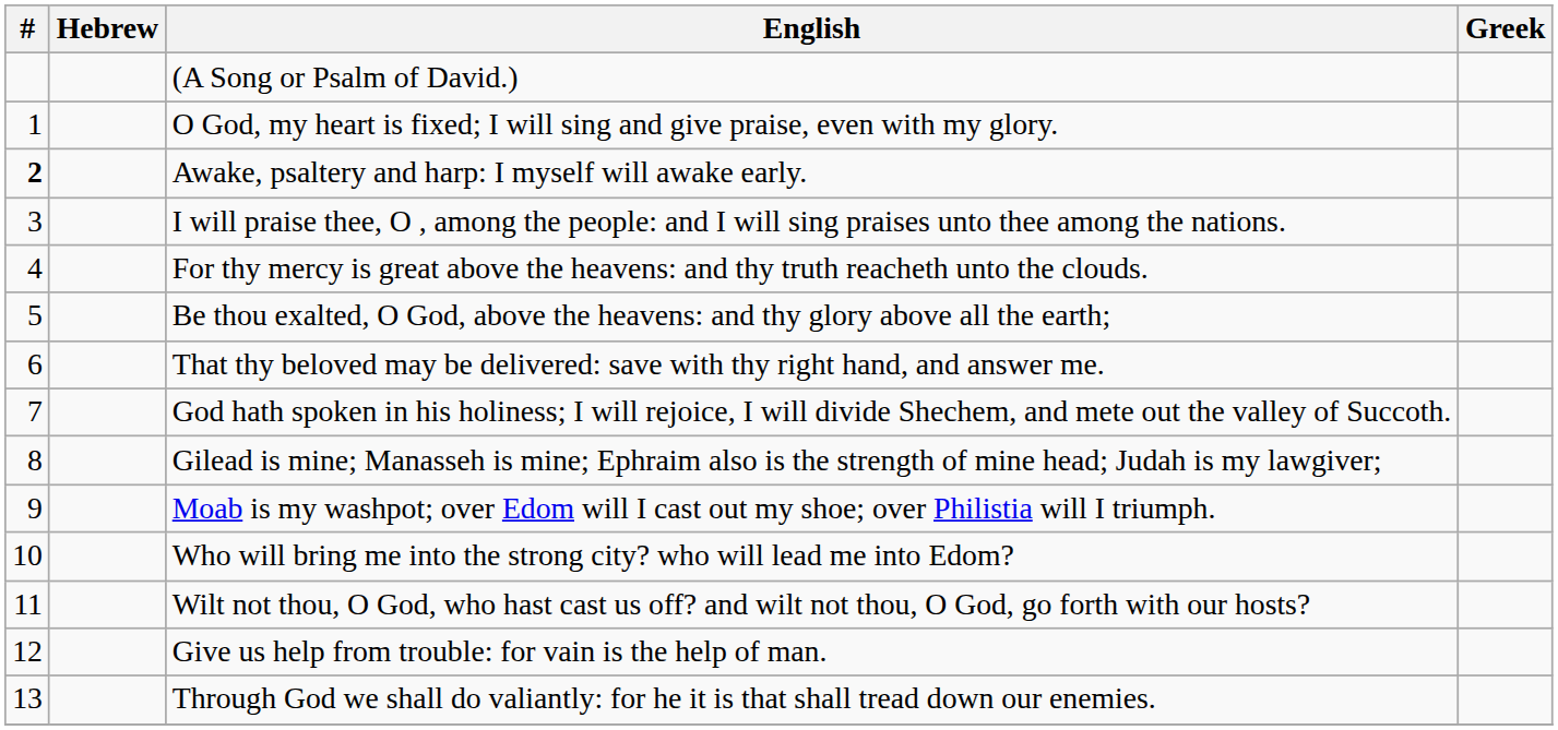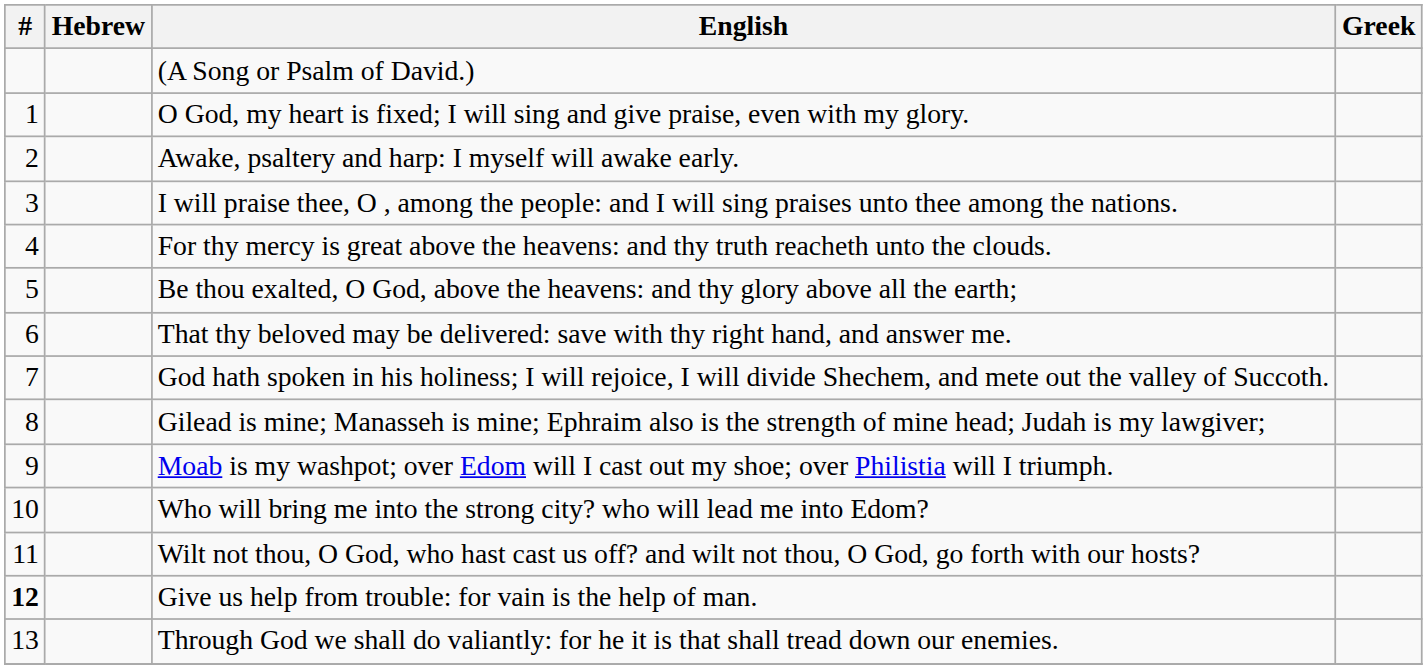 <table class=wikitable>
 <tr>
 <th>#</th>
 <th>Hebrew</th>
 <th>English</th>
 <th>Greek</th>
 </tr>
 <tr>
 <td style="text-align:right"></td>
 <td style="text-align:right"></td>
 <td>(A Song or Psalm of David.)</td>
 <td></td>
 </tr>
 <tr>
 <td style="text-align:right">1</td>
 <td style="text-align:right"></td>
 <td>O God, my heart is fixed; I will sing and give praise, even with my glory.</td>
 <td></td>
 </tr>
 <tr>
-<td style="text-align:right"><strong>2</strong></td>
+<td style="text-align:right">2</td>
 <td style="text-align:right"></td>
 <td>Awake, psaltery and harp: I myself will awake early.</td>
 <td></td>
 </tr>
 <tr>
 <td style="text-align:right">3</td>
 <td style="text-align:right"></td>
 <td>I will praise thee, O , among the people: and I will sing praises unto thee among the nations.</td>
 <td></td>
 </tr>
 <tr>
 <td style="text-align:right">4</td>
 <td style="text-align:right"></td>
 <td>For thy mercy is great above the heavens: and thy truth reacheth unto the clouds.</td>
 <td></td>
 </tr>
 <tr>
 <td style="text-align:right">5</td>
 <td style="text-align:right"></td>
 <td>Be thou exalted, O God, above the heavens: and thy glory above all the earth;</td>
 <td></td>
 </tr>
 <tr>
 <td style="text-align:right">6</td>
 <td style="text-align:right"></td>
 <td>That thy beloved may be delivered: save with thy right hand, and answer me.</td>
 <td></td>
 </tr>
 <tr>
 <td style="text-align:right">7</td>
 <td style="text-align:right"></td>
 <td>God hath spoken in his holiness; I will rejoice, I will divide Shechem, and mete out the valley of Succoth.</td>
 <td></td>
 </tr>
 <tr>
 <td style="text-align:right">8</td>
 <td style="text-align:right"></td>
 <td>Gilead is mine; Manasseh is mine; Ephraim also is the strength of mine head; Judah is my lawgiver;</td>
 <td></td>
 </tr>
 <tr>
 <td style="text-align:right">9</td>
 <td style="text-align:right"></td>
 <td><a href='#'>Moab</a> is my washpot; over <a href='#'>Edom</a> will I cast out my shoe; over <a href='#'>Philistia</a> will I triumph.</td>
 <td></td>
 </tr>
 <tr>
 <td style="text-align:right">10</td>
 <td style="text-align:right"></td>
 <td>Who will bring me into the strong city? who will lead me into Edom?</td>
 <td></td>
 </tr>
 <tr>
 <td style="text-align:right">11</td>
 <td style="text-align:right"></td>
 <td>Wilt not thou, O God, who hast cast us off? and wilt not thou, O God, go forth with our hosts?</td>
 <td></td>
 </tr>
 <tr>
-<td style="text-align:right">12</td>
+<td style="text-align:right"><strong>12</strong></td>
 <td style="text-align:right"></td>
 <td>Give us help from trouble: for vain is the help of man.</td>
 <td></td>
 </tr>
 <tr>
 <td style="text-align:right">13</td>
 <td style="text-align:right"></td>
 <td>Through God we shall do valiantly: for he it is that shall tread down our enemies.</td>
 <td></td>
 </tr>
 <tr>
 </tr>
 </table>
